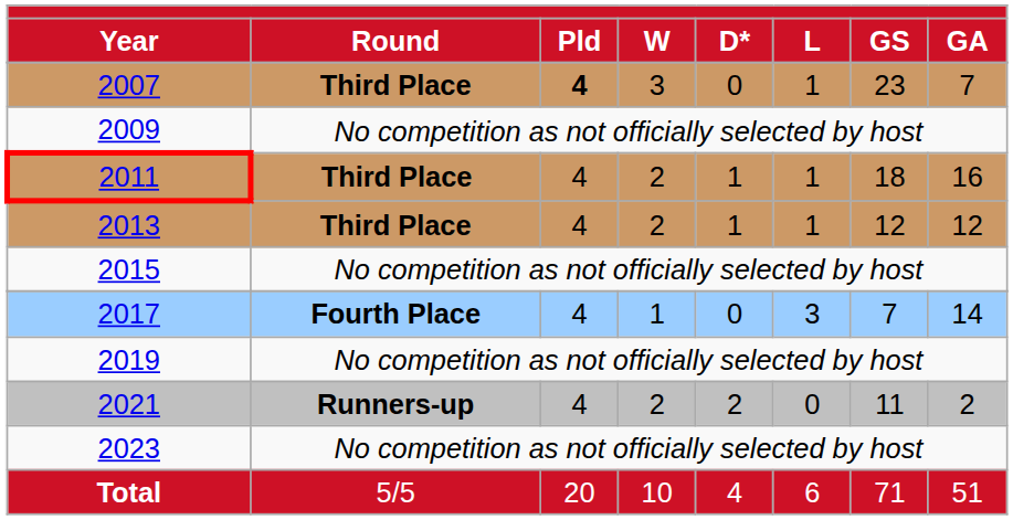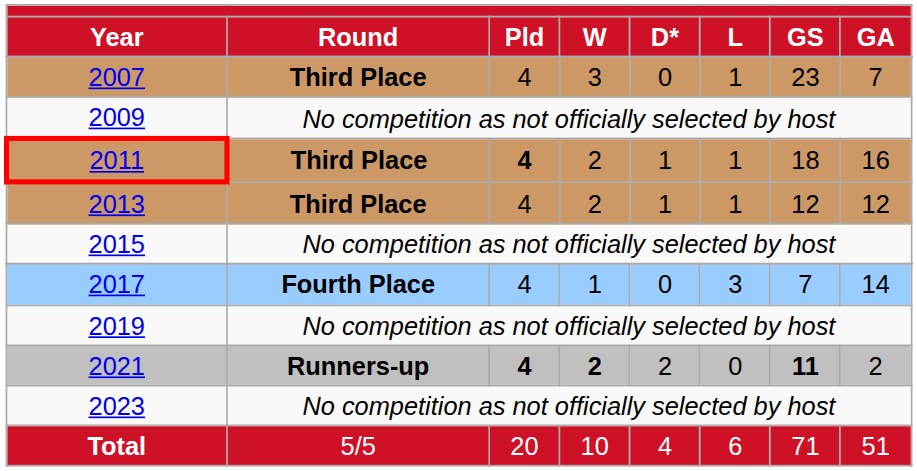 <table class="wikitable" style="text-align: center;font-size:95%;">
 <tr>
 <th colspan=9 style="background: #CE1126; color: #FFFFFF;"><a href='#'></a></th>
 </tr>
 <tr style="color:white;">
 <th style="background:#CE1126;" width=125>Year</th>
 <th style="background:#CE1126;" width=150>Round</th>
 <th style="background:#CE1126;" width=35>Pld</th>
 <th style="background:#CE1126;" width=35>W</th>
 <th style="background:#CE1126;" width=35>D*</th>
 <th style="background:#CE1126;" width=35>L</th>
 <th style="background:#CE1126;" width=35>GS</th>
 <th style="background:#CE1126;" width=35>GA</th>
 </tr>
 <tr>
 </tr>
 <tr bgcolor=#cc9966>
 <td> <a href='#'>2007</a></td>
 <td><strong>Third Place</strong></td>
-<td><strong>4</strong></td>
+<td>4</td>
 <td>3</td>
 <td>0</td>
 <td>1</td>
 <td>23</td>
 <td>7</td>
 </tr>
 <tr>
 <td> <a href='#'>2009</a></td>
 <td colspan=8><em>No competition as not officially selected by host</em></td>
 </tr>
 <tr bgcolor=#cc9966>
 <td style="border: 3px solid red"> <a href='#'>2011</a></td>
 <td><strong>Third Place</strong></td>
-<td>4</td>
+<td><strong>4</strong></td>
 <td>2</td>
 <td>1</td>
 <td>1</td>
 <td>18</td>
 <td>16</td>
 </tr>
 <tr bgcolor=#cc9966>
 <td> <a href='#'>2013</a></td>
 <td><strong>Third Place</strong></td>
 <td>4</td>
 <td>2</td>
 <td>1</td>
 <td>1</td>
 <td>12</td>
 <td>12</td>
 </tr>
 <tr>
 <td> <a href='#'>2015</a></td>
 <td colspan=8><em>No competition as not officially selected by host</em></td>
 </tr>
 <tr>
 </tr>
 <tr bgcolor=#9acdff>
 <td> <a href='#'>2017</a></td>
 <td><strong>Fourth Place</strong></td>
 <td>4</td>
 <td>1</td>
 <td>0</td>
 <td>3</td>
 <td>7</td>
 <td>14</td>
 </tr>
 <tr>
 <td> <a href='#'>2019</a></td>
 <td colspan=8><em>No competition as not officially selected by host</em></td>
 </tr>
 <tr bgcolor=silver>
 <td> <a href='#'>2021</a></td>
 <td><strong>Runners-up</strong></td>
-<td>4</td>
-<td>2</td>
+<td><strong>4</strong></td>
+<td><strong>2</strong></td>
 <td>2</td>
 <td>0</td>
-<td>11</td>
+<td><strong>11</strong></td>
 <td>2</td>
 </tr>
 <tr>
 <td> <a href='#'>2023</a></td>
 <td colspan=8><em>No competition as not officially selected by host</em></td>
 </tr>
 <tr bgcolor="#CE1126" style="color:white;">
 <td><strong>Total</strong></td>
 <td>5/5</td>
 <td>20</td>
 <td>10</td>
 <td>4</td>
 <td>6</td>
 <td>71</td>
 <td>51</td>
 </tr>
 </table>
